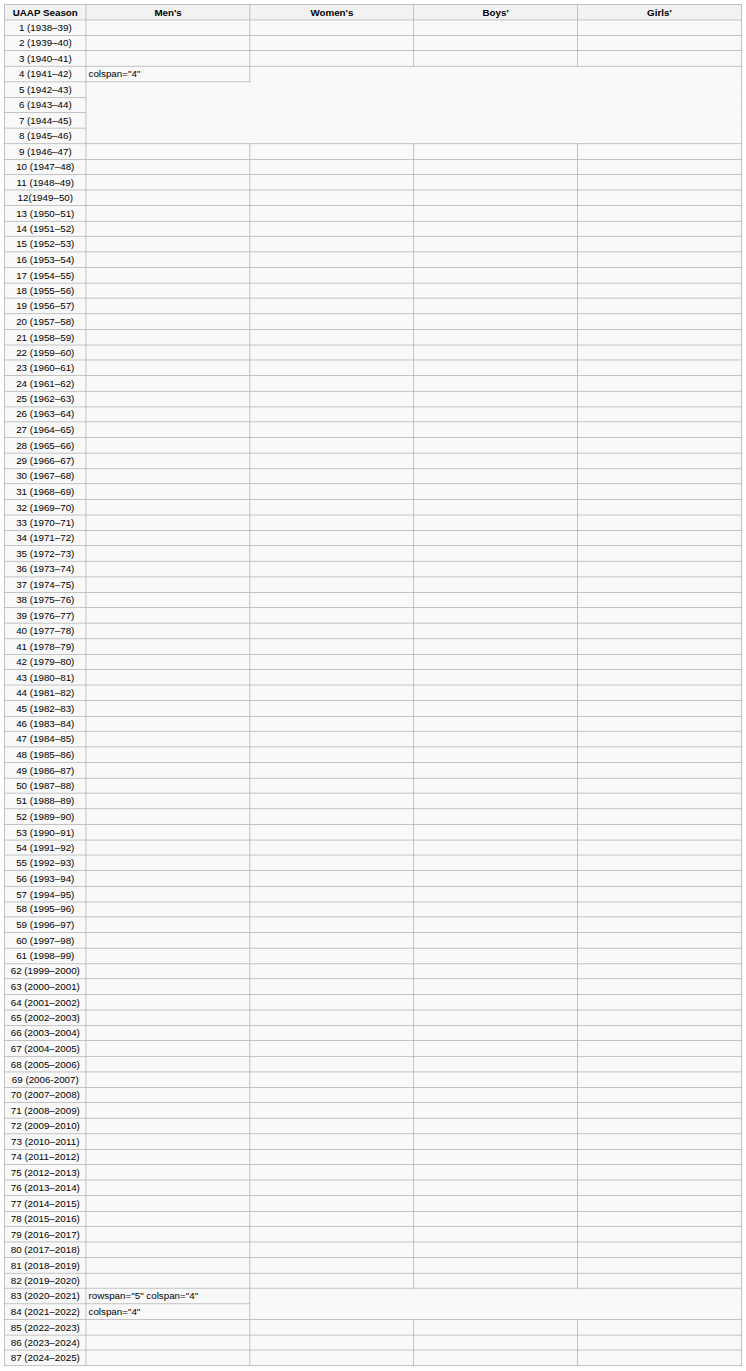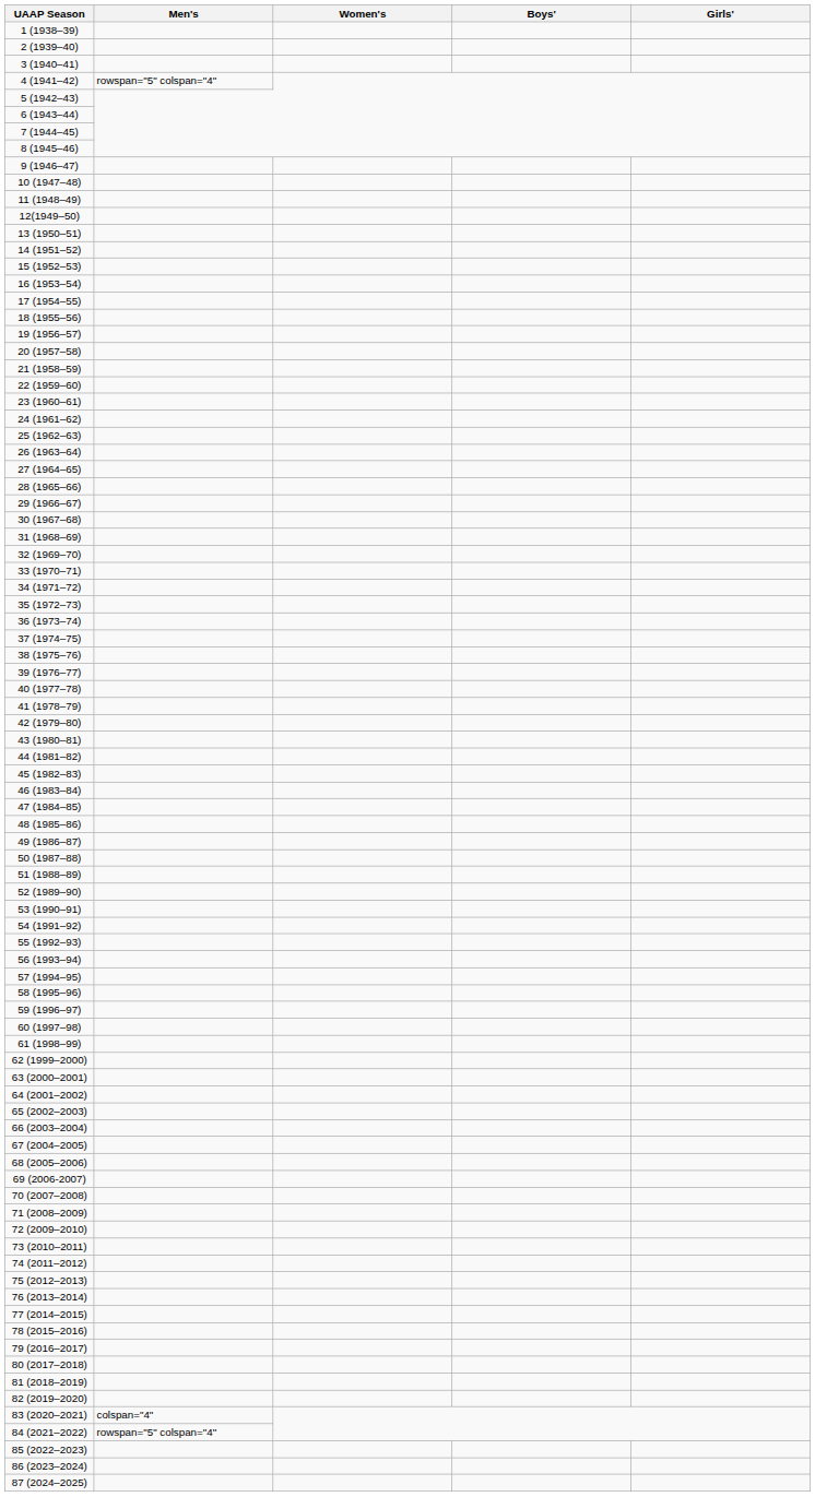 <table class="wikitable" style="font-size:90%;">
 <tr bgcolor="efefef">
 <th width=10%>UAAP Season</th>
 <th width=20%>Men's</th>
 <th width=20%>Women's</th>
 <th width=20%>Boys'</th>
 <th width=20%>Girls'</th>
 </tr>
 <tr>
 <td align=center>1 (1938–39)</td>
 <td></td>
 <td></td>
 <td></td>
 <td></td>
 </tr>
 <tr>
 <td align=center>2 (1939–40)</td>
 <td></td>
 <td></td>
 <td></td>
 <td></td>
 </tr>
 <tr>
 <td align=center>3 (1940–41)</td>
 <td></td>
 <td></td>
 <td></td>
 <td></td>
 </tr>
 <tr>
 <td align=center>4 (1941–42)</td>
-<td>colspan="4" </td>
+<td>rowspan="5" colspan="4" </td>
 </tr>
 <tr>
 <td align=center>5 (1942–43)</td>
 </tr>
 <tr>
 <td align=center>6 (1943–44)</td>
 </tr>
 <tr>
 <td align=center>7 (1944–45)</td>
 </tr>
 <tr>
 <td align=center>8 (1945–46)</td>
 </tr>
 <tr>
 <td align=center>9 (1946–47)</td>
 <td></td>
 <td></td>
 <td></td>
 <td></td>
 </tr>
 <tr>
 <td align=center>10 (1947–48)</td>
 <td></td>
 <td></td>
 <td></td>
 <td></td>
 </tr>
 <tr>
 <td align=center>11 (1948–49)</td>
 <td></td>
 <td></td>
 <td></td>
 <td></td>
 </tr>
 <tr>
 <td align=center>12(1949–50)</td>
 <td></td>
 <td></td>
 <td></td>
 <td></td>
 </tr>
 <tr>
 <td align=center>13 (1950–51)</td>
 <td></td>
 <td></td>
 <td></td>
 <td></td>
 </tr>
 <tr>
 <td align=center>14 (1951–52)</td>
 <td></td>
 <td></td>
 <td></td>
 <td></td>
 </tr>
 <tr>
 <td align=center>15 (1952–53)</td>
 <td></td>
 <td></td>
 <td></td>
 <td></td>
 </tr>
 <tr>
 <td align=center>16 (1953–54)</td>
 <td></td>
 <td></td>
 <td></td>
 <td></td>
 </tr>
 <tr>
 <td align=center>17 (1954–55)</td>
 <td></td>
 <td></td>
 <td></td>
 <td></td>
 </tr>
 <tr>
 <td align=center>18 (1955–56)</td>
 <td></td>
 <td></td>
 <td></td>
 <td></td>
 </tr>
 <tr>
 <td align=center>19 (1956–57)</td>
 <td></td>
 <td></td>
 <td></td>
 <td></td>
 </tr>
 <tr>
 <td align=center>20 (1957–58)</td>
 <td></td>
 <td></td>
 <td></td>
 <td></td>
 </tr>
 <tr>
 <td align=center>21 (1958–59)</td>
 <td></td>
 <td></td>
 <td></td>
 <td></td>
 </tr>
 <tr>
 <td align=center>22 (1959–60)</td>
 <td></td>
 <td></td>
 <td></td>
 <td></td>
 </tr>
 <tr>
 <td align=center>23 (1960–61)</td>
 <td></td>
 <td></td>
 <td></td>
 <td></td>
 </tr>
 <tr>
 <td align=center>24 (1961–62)</td>
 <td></td>
 <td></td>
 <td></td>
 <td></td>
 </tr>
 <tr>
 <td align=center>25 (1962–63)</td>
 <td></td>
 <td></td>
 <td></td>
 <td></td>
 </tr>
 <tr>
 <td align=center>26 (1963–64)</td>
 <td></td>
 <td></td>
 <td></td>
 <td></td>
 </tr>
 <tr>
 <td align=center>27 (1964–65)</td>
 <td></td>
 <td></td>
 <td></td>
 <td></td>
 </tr>
 <tr>
 <td align=center>28 (1965–66)</td>
 <td></td>
 <td></td>
 <td></td>
 <td></td>
 </tr>
 <tr>
 <td align=center>29 (1966–67)</td>
 <td></td>
 <td></td>
 <td></td>
 <td></td>
 </tr>
 <tr>
 <td align=center>30 (1967–68)</td>
 <td></td>
 <td></td>
 <td></td>
 <td></td>
 </tr>
 <tr>
 <td align=center>31 (1968–69)</td>
 <td></td>
 <td></td>
 <td></td>
 <td></td>
 </tr>
 <tr>
 <td align=center>32 (1969–70)</td>
 <td></td>
 <td></td>
 <td></td>
 <td></td>
 </tr>
 <tr>
 <td align=center>33 (1970–71)</td>
 <td></td>
 <td></td>
 <td></td>
 <td></td>
 </tr>
 <tr>
 <td align=center>34 (1971–72)</td>
 <td></td>
 <td></td>
 <td></td>
 <td></td>
 </tr>
 <tr>
 <td align=center>35 (1972–73)</td>
 <td></td>
 <td></td>
 <td></td>
 <td></td>
 </tr>
 <tr>
 <td align=center>36 (1973–74)</td>
 <td></td>
 <td></td>
 <td></td>
 <td></td>
 </tr>
 <tr>
 <td align=center>37 (1974–75)</td>
 <td></td>
 <td></td>
 <td></td>
 <td></td>
 </tr>
 <tr>
 <td align=center>38 (1975–76)</td>
 <td></td>
 <td></td>
 <td></td>
 <td></td>
 </tr>
 <tr>
 <td align=center>39 (1976–77)</td>
 <td></td>
 <td></td>
 <td></td>
 <td></td>
 </tr>
 <tr>
 <td align=center>40 (1977–78)</td>
 <td></td>
 <td></td>
 <td></td>
 <td></td>
 </tr>
 <tr>
 <td align=center>41 (1978–79)</td>
 <td></td>
 <td></td>
 <td></td>
 <td></td>
 </tr>
 <tr>
 <td align=center>42 (1979–80)</td>
 <td></td>
 <td></td>
 <td></td>
 <td></td>
 </tr>
 <tr>
 <td align=center>43 (1980–81)</td>
 <td></td>
 <td></td>
 <td></td>
 <td></td>
 </tr>
 <tr>
 <td align=center>44 (1981–82)</td>
 <td></td>
 <td></td>
 <td></td>
 <td></td>
 </tr>
 <tr>
 <td align=center>45 (1982–83)</td>
 <td></td>
 <td></td>
 <td></td>
 <td></td>
 </tr>
 <tr>
 <td align=center>46 (1983–84)</td>
 <td></td>
 <td></td>
 <td></td>
 <td></td>
 </tr>
 <tr>
 <td align=center>47 (1984–85)</td>
 <td></td>
 <td></td>
 <td></td>
 <td></td>
 </tr>
 <tr>
 <td align=center>48 (1985–86)</td>
 <td></td>
 <td></td>
 <td></td>
 <td></td>
 </tr>
 <tr>
 <td align=center>49 (1986–87)</td>
 <td></td>
 <td></td>
 <td></td>
 <td></td>
 </tr>
 <tr>
 <td align=center>50 (1987–88)</td>
 <td></td>
 <td></td>
 <td></td>
 <td></td>
 </tr>
 <tr>
 <td align=center>51 (1988–89)</td>
 <td></td>
 <td></td>
 <td></td>
 <td></td>
 </tr>
 <tr>
 <td align=center>52 (1989–90)</td>
 <td></td>
 <td></td>
 <td></td>
 <td></td>
 </tr>
 <tr>
 <td align=center>53 (1990–91)</td>
 <td></td>
 <td></td>
 <td></td>
 <td></td>
 </tr>
 <tr>
 <td align=center>54 (1991–92)</td>
 <td></td>
 <td></td>
 <td></td>
 <td></td>
 </tr>
 <tr>
 <td align=center>55 (1992–93)</td>
 <td></td>
 <td></td>
 <td></td>
 <td></td>
 </tr>
 <tr>
 <td align=center>56 (1993–94)</td>
 <td></td>
 <td></td>
 <td></td>
 <td></td>
 </tr>
 <tr>
 <td align=center>57 (1994–95)</td>
 <td></td>
 <td></td>
 <td></td>
 <td></td>
 </tr>
 <tr>
 <td align=center>58 (1995–96)</td>
 <td></td>
 <td></td>
 <td></td>
 <td></td>
 </tr>
 <tr>
 <td align=center>59 (1996–97)</td>
 <td></td>
 <td></td>
 <td></td>
 <td></td>
 </tr>
 <tr>
 <td align=center>60 (1997–98)</td>
 <td></td>
 <td></td>
 <td></td>
 <td></td>
 </tr>
 <tr>
 <td align=center>61 (1998–99)</td>
 <td></td>
 <td></td>
 <td></td>
 <td></td>
 </tr>
 <tr>
 <td align=center>62 (1999–2000)</td>
 <td></td>
 <td></td>
 <td></td>
 <td></td>
 </tr>
 <tr>
 <td align=center>63 (2000–2001)</td>
 <td></td>
 <td></td>
 <td></td>
 <td></td>
 </tr>
 <tr>
 <td align=center>64 (2001–2002)</td>
 <td></td>
 <td></td>
 <td></td>
 <td></td>
 </tr>
 <tr>
 <td align=center>65 (2002–2003)</td>
 <td></td>
 <td></td>
 <td></td>
 <td></td>
 </tr>
 <tr>
 <td align=center>66 (2003–2004)</td>
 <td></td>
 <td></td>
 <td></td>
 <td></td>
 </tr>
 <tr>
 <td align=center>67 (2004–2005)</td>
 <td></td>
 <td></td>
 <td></td>
 <td></td>
 </tr>
 <tr>
 <td align=center>68 (2005–2006)</td>
 <td></td>
 <td></td>
 <td></td>
 <td></td>
 </tr>
 <tr>
 <td align=center>69 (2006-2007)</td>
 <td></td>
 <td></td>
 <td></td>
 <td></td>
 </tr>
 <tr>
 <td align=center>70 (2007–2008)</td>
 <td></td>
 <td></td>
 <td></td>
 <td></td>
 </tr>
 <tr>
 <td align=center>71 (2008–2009)</td>
 <td></td>
 <td></td>
 <td></td>
 <td></td>
 </tr>
 <tr>
 <td align=center>72 (2009–2010)</td>
 <td></td>
 <td></td>
 <td></td>
 <td></td>
 </tr>
 <tr>
 <td align=center>73 (2010–2011)</td>
 <td></td>
 <td></td>
 <td></td>
 <td></td>
 </tr>
 <tr>
 <td align=center>74 (2011–2012)</td>
 <td></td>
 <td></td>
 <td></td>
 <td></td>
 </tr>
 <tr>
 <td align=center>75 (2012–2013)</td>
 <td></td>
 <td></td>
 <td></td>
 <td></td>
 </tr>
 <tr>
 <td align=center>76 (2013–2014)</td>
 <td></td>
 <td></td>
 <td></td>
 <td></td>
 </tr>
 <tr>
 <td align=center>77 (2014–2015)</td>
 <td></td>
 <td></td>
 <td></td>
 <td></td>
 </tr>
 <tr>
 <td align=center>78 (2015–2016)</td>
 <td></td>
 <td></td>
 <td></td>
 <td></td>
 </tr>
 <tr>
 <td align=center>79 (2016–2017)</td>
 <td></td>
 <td></td>
 <td></td>
 <td></td>
 </tr>
 <tr>
 <td align=center>80 (2017–2018)</td>
 <td></td>
 <td></td>
 <td></td>
 <td></td>
 </tr>
 <tr>
 <td align=center>81 (2018–2019)</td>
 <td></td>
 <td></td>
 <td></td>
 <td></td>
 </tr>
 <tr>
 <td align=center>82 (2019–2020)</td>
 <td></td>
 <td></td>
 <td></td>
 <td></td>
 </tr>
 <tr>
 <td align=center>83 (2020–2021)</td>
-<td>rowspan="5" colspan="4" </td>
+<td>colspan="4" </td>
 </tr>
 <tr>
 <td align=center>84 (2021–2022)</td>
-<td>colspan="4" </td>
+<td>rowspan="5" colspan="4" </td>
 </tr>
 <tr>
 <td align=center>85 (2022–2023)</td>
 <td></td>
 <td></td>
 <td></td>
 <td></td>
 </tr>
 <tr>
 <td align=center>86 (2023–2024)</td>
 <td></td>
 <td></td>
 <td></td>
 <td></td>
 </tr>
 <tr>
 <td align=center>87 (2024–2025)</td>
 <td></td>
 <td></td>
 <td></td>
 <td></td>
 </tr>
 </table>
